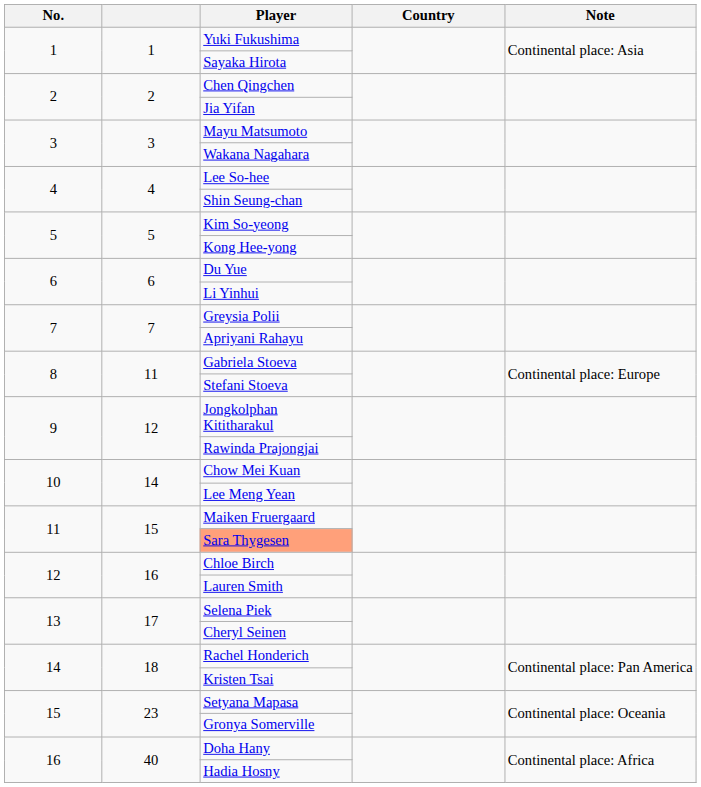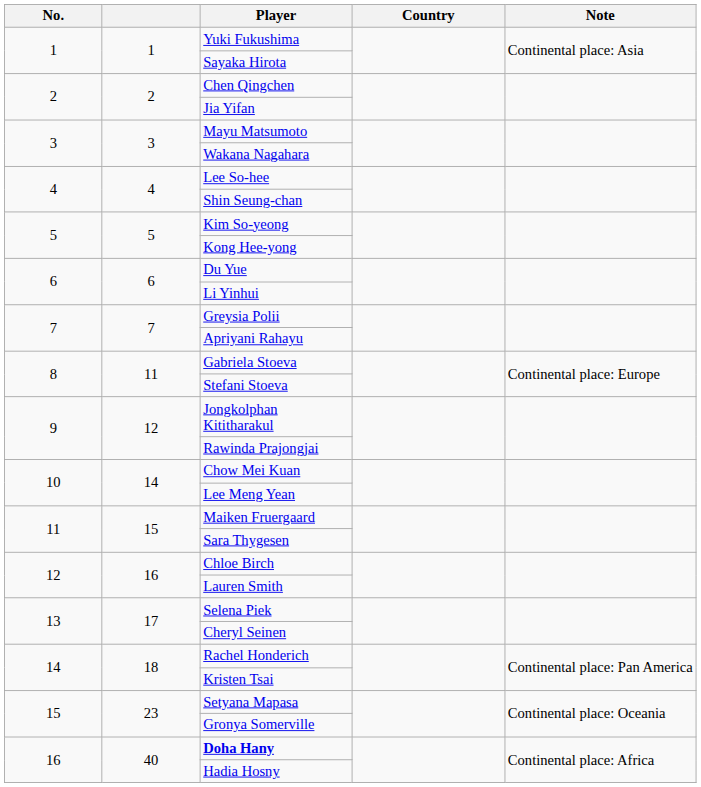 <table class="wikitable sortable" style="text-align:center">
 <tr>
 <th width="100">No.</th>
 <th width="100"></th>
 <th width="160">Player</th>
 <th width="160">Country</th>
 <th>Note</th>
 </tr>
 <tr>
 <td rowspan="2">1</td>
 <td rowspan="2">1</td>
 <td align="left"><a href='#'>Yuki Fukushima</a></td>
 <td rowspan="2" align="left"></td>
 <td rowspan="2" align="left">Continental place: Asia</td>
 </tr>
 <tr>
 <td align="left"><a href='#'>Sayaka Hirota</a></td>
 </tr>
 <tr>
 <td rowspan="2">2</td>
 <td rowspan="2">2</td>
 <td align="left"><a href='#'>Chen Qingchen</a></td>
 <td rowspan="2" align="left"></td>
 <td rowspan="2"></td>
 </tr>
 <tr>
 <td align="left"><a href='#'>Jia Yifan</a></td>
 </tr>
 <tr>
 <td rowspan="2">3</td>
 <td rowspan="2">3</td>
 <td align="left"><a href='#'>Mayu Matsumoto</a></td>
 <td rowspan="2" align="left"></td>
 <td rowspan="2"></td>
 </tr>
 <tr>
 <td align="left"><a href='#'>Wakana Nagahara</a></td>
 </tr>
 <tr>
 <td rowspan="2">4</td>
 <td rowspan="2">4</td>
 <td align="left"><a href='#'>Lee So-hee</a></td>
 <td rowspan="2" align="left"></td>
 <td rowspan="2"></td>
 </tr>
 <tr>
 <td align="left"><a href='#'>Shin Seung-chan</a></td>
 </tr>
 <tr>
 <td rowspan="2">5</td>
 <td rowspan="2">5</td>
 <td align="left"><a href='#'>Kim So-yeong</a></td>
 <td rowspan="2" align="left"></td>
 <td rowspan="2"></td>
 </tr>
 <tr>
 <td align="left"><a href='#'>Kong Hee-yong</a></td>
 </tr>
 <tr>
 <td rowspan="2">6</td>
 <td rowspan="2">6</td>
 <td align="left"><a href='#'>Du Yue</a></td>
 <td rowspan="2" align="left"></td>
 <td rowspan="2"></td>
 </tr>
 <tr>
 <td align="left"><a href='#'>Li Yinhui</a></td>
 </tr>
 <tr>
 <td rowspan="2">7</td>
 <td rowspan="2">7</td>
 <td align="left"><a href='#'>Greysia Polii</a></td>
 <td rowspan="2" align="left"></td>
 <td rowspan="2"></td>
 </tr>
 <tr>
 <td align="left"><a href='#'>Apriyani Rahayu</a></td>
 </tr>
 <tr>
 <td rowspan="2">8</td>
 <td rowspan="2">11</td>
 <td align="left"><a href='#'>Gabriela Stoeva</a></td>
 <td rowspan="2" align="left"></td>
 <td rowspan="2" align="left">Continental place: Europe</td>
 </tr>
 <tr>
 <td align="left"><a href='#'>Stefani Stoeva</a></td>
 </tr>
 <tr>
 <td rowspan="2">9</td>
 <td rowspan="2">12</td>
 <td align="left"><a href='#'>Jongkolphan Kititharakul</a></td>
 <td rowspan="2" align="left"></td>
 <td rowspan="2"></td>
 </tr>
 <tr>
 <td align="left"><a href='#'>Rawinda Prajongjai</a></td>
 </tr>
 <tr>
 <td rowspan="2">10</td>
 <td rowspan="2">14</td>
 <td align="left"><a href='#'>Chow Mei Kuan</a></td>
 <td rowspan="2" align="left"></td>
 <td rowspan="2"></td>
 </tr>
 <tr>
 <td align="left"><a href='#'>Lee Meng Yean</a></td>
 </tr>
 <tr>
 <td rowspan="2">11</td>
 <td rowspan="2">15</td>
 <td align="left"><a href='#'>Maiken Fruergaard</a></td>
 <td rowspan="2" align="left"></td>
 <td rowspan="2"></td>
 </tr>
 <tr>
-<td align="left" style="background: lightsalmon;"><a href='#'>Sara Thygesen</a></td>
+<td align="left"><a href='#'>Sara Thygesen</a></td>
 </tr>
 <tr>
 <td rowspan="2">12</td>
 <td rowspan="2">16</td>
 <td align="left"><a href='#'>Chloe Birch</a></td>
 <td rowspan="2" align="left"></td>
 <td rowspan="2"></td>
 </tr>
 <tr>
 <td align="left"><a href='#'>Lauren Smith</a></td>
 </tr>
 <tr>
 <td rowspan="2">13</td>
 <td rowspan="2">17</td>
 <td align="left"><a href='#'>Selena Piek</a></td>
 <td rowspan="2" align="left"></td>
 <td rowspan="2"></td>
 </tr>
 <tr>
 <td align="left"><a href='#'>Cheryl Seinen</a></td>
 </tr>
 <tr>
 <td rowspan="2">14</td>
 <td rowspan="2">18</td>
 <td align="left"><a href='#'>Rachel Honderich</a></td>
 <td rowspan="2" align="left"></td>
 <td rowspan="2" align="left">Continental place: Pan America</td>
 </tr>
 <tr>
 <td align="left"><a href='#'>Kristen Tsai</a></td>
 </tr>
 <tr>
 <td rowspan="2">15</td>
 <td rowspan="2">23</td>
 <td align="left"><a href='#'>Setyana Mapasa</a></td>
 <td rowspan="2" align="left"></td>
 <td rowspan="2" align="left">Continental place: Oceania</td>
 </tr>
 <tr>
 <td align="left"><a href='#'>Gronya Somerville</a></td>
 </tr>
 <tr>
 <td rowspan="2">16</td>
 <td rowspan="2">40</td>
-<td align="left"><a href='#'>Doha Hany</a></td>
+<td align="left"><strong><a href='#'>Doha Hany</a></strong></td>
 <td rowspan="2" align="left"></td>
 <td rowspan="2" align="left">Continental place: Africa</td>
 </tr>
 <tr>
 <td align="left"><a href='#'>Hadia Hosny</a></td>
 </tr>
 </table>
